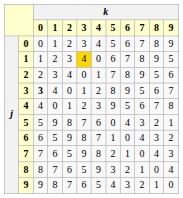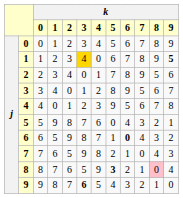 <table class="wikitable" style="text-align:center">
 <tr valign="middle">
 <th rowspan=2 colspan=2 style="background:#ffc"></th>
 <th colspan=10><em>k</em></th>
 </tr>
 <tr valign="middle">
 <th style="background:#ffc; width:1em">0</th>
 <th style="background:#ffc; width:1em">1</th>
 <th style="background:#ffc; width:1em">2</th>
 <th style="background:#ffc; width:1em">3</th>
 <th style="background:#ffc; width:1em">4</th>
 <th style="background:#ffc; width:1em">5</th>
 <th style="background:#ffc; width:1em">6</th>
 <th style="background:#ffc; width:1em">7</th>
 <th style="background:#ffc; width:1em">8</th>
 <th style="background:#ffc; width:1em">9</th>
 </tr>
 <tr valign="middle">
 <th rowspan=10 style="width:1em"><em>j</em></th>
 <th style="background:#ffc; width:1em">0</th>
 <td>0</td>
 <td>1</td>
 <td>2</td>
 <td>3</td>
 <td>4</td>
 <td>5</td>
 <td>6</td>
 <td>7</td>
 <td>8</td>
 <td>9</td>
 </tr>
 <tr valign="bottom">
 <th style="background:#ffc">1</th>
 <td>1</td>
 <td>2</td>
 <td>3</td>
 <td style="background: gold;">4</td>
 <td>0</td>
 <td>6</td>
 <td>7</td>
 <td>8</td>
 <td>9</td>
-<td>5</td>
+<td><strong>5</strong></td>
 </tr>
 <tr valign="bottom">
 <th style="background:#ffc">2</th>
 <td>2</td>
 <td>3</td>
 <td>4</td>
 <td>0</td>
 <td>1</td>
 <td>7</td>
 <td>8</td>
 <td>9</td>
 <td>5</td>
 <td>6</td>
 </tr>
 <tr valign="bottom">
 <th style="background:#ffc">3</th>
-<td><strong>3</strong></td>
+<td>3</td>
 <td>4</td>
 <td>0</td>
 <td>1</td>
 <td>2</td>
 <td>8</td>
 <td>9</td>
 <td>5</td>
 <td>6</td>
 <td>7</td>
 </tr>
 <tr valign="bottom">
 <th style="background:#ffc">4</th>
 <td>4</td>
 <td>0</td>
 <td>1</td>
 <td>2</td>
 <td>3</td>
 <td>9</td>
 <td>5</td>
 <td>6</td>
 <td>7</td>
 <td>8</td>
 </tr>
 <tr valign="bottom">
 <th style="background:#ffc">5</th>
 <td>5</td>
 <td>9</td>
 <td>8</td>
 <td>7</td>
 <td>6</td>
 <td>0</td>
 <td>4</td>
 <td>3</td>
 <td>2</td>
 <td>1</td>
 </tr>
 <tr valign="bottom">
 <th style="background:#ffc">6</th>
 <td>6</td>
 <td>5</td>
 <td>9</td>
 <td>8</td>
 <td>7</td>
 <td>1</td>
-<td>0</td>
+<td><strong>0</strong></td>
 <td>4</td>
 <td>3</td>
 <td>2</td>
 </tr>
 <tr valign="bottom">
 <th style="background:#ffc">7</th>
 <td>7</td>
 <td>6</td>
 <td>5</td>
 <td>9</td>
 <td>8</td>
 <td>2</td>
 <td>1</td>
 <td>0</td>
 <td>4</td>
 <td>3</td>
 </tr>
 <tr valign="bottom">
 <th style="background:#ffc">8</th>
 <td>8</td>
 <td>7</td>
 <td>6</td>
 <td>5</td>
 <td>9</td>
-<td>3</td>
+<td><strong>3</strong></td>
 <td>2</td>
 <td>1</td>
-<td>0</td>
+<td style="background: pink;">0</td>
 <td>4</td>
 </tr>
 <tr valign="bottom">
 <th style="background:#ffc">9</th>
 <td>9</td>
 <td>8</td>
 <td>7</td>
-<td>6</td>
+<td><strong>6</strong></td>
 <td>5</td>
 <td>4</td>
 <td>3</td>
 <td>2</td>
 <td>1</td>
 <td>0</td>
 </tr>
 </table>
